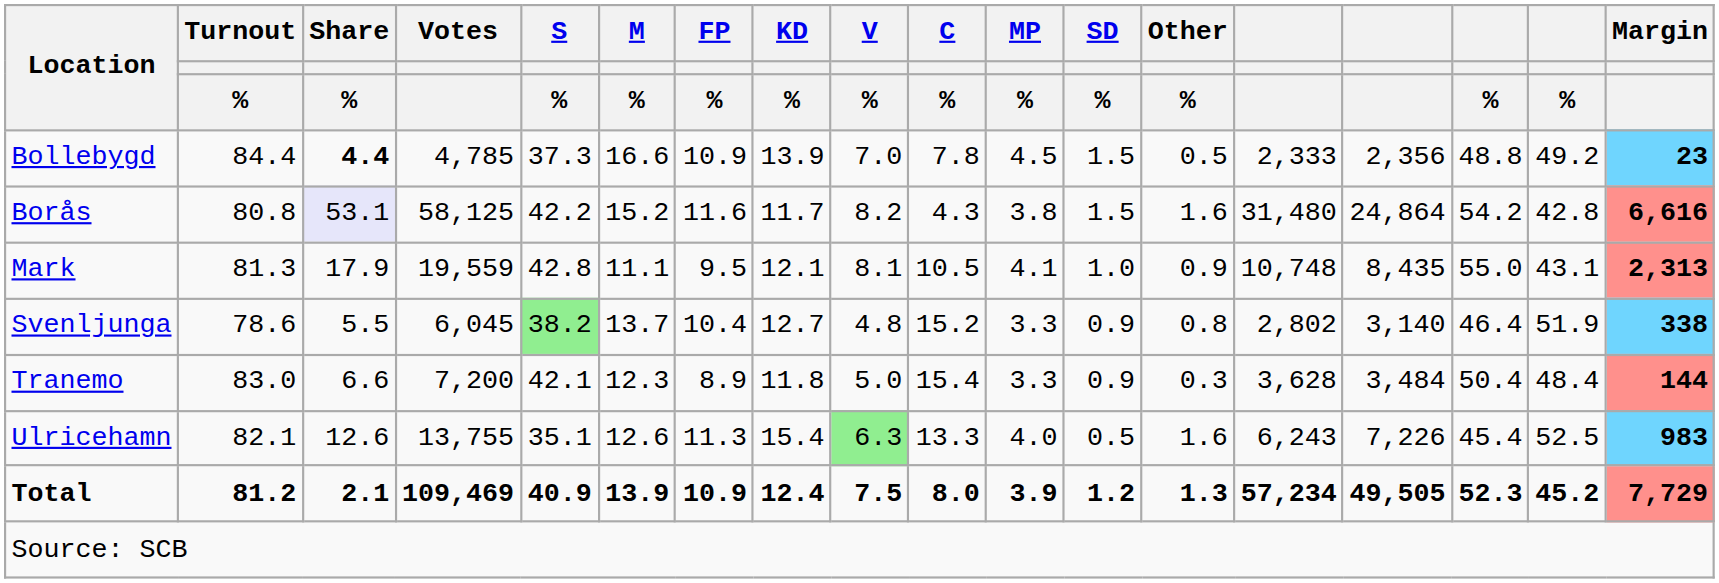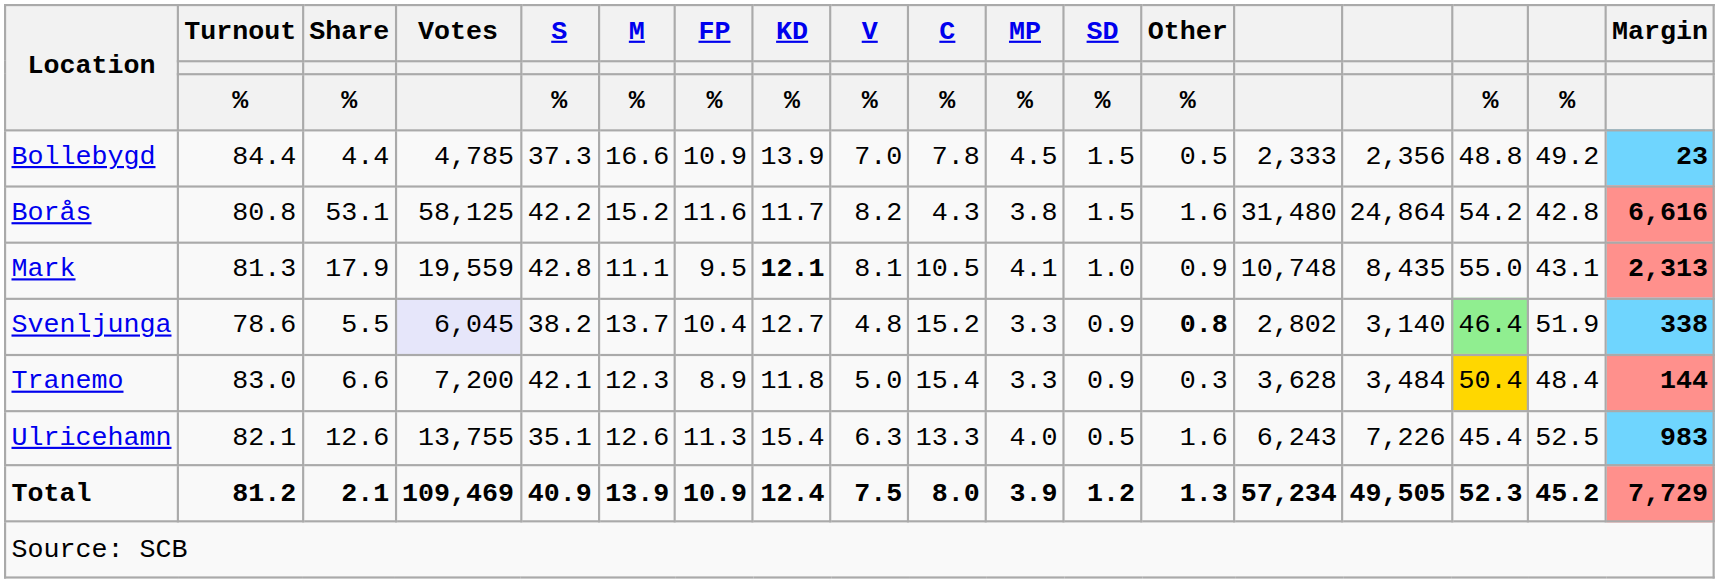 <table class="wikitable sortable" style="text-align:right; font-size:95%; line-height:20px;">
 <tr>
 <th rowspan="3">Location</th>
 <th>Turnout</th>
 <th>Share</th>
 <th>Votes</th>
 <th width="30px" class="unsortable"><a href='#'>S</a></th>
 <th width="30px" class="unsortable"><a href='#'>M</a></th>
 <th width="30px" class="unsortable"><a href='#'>FP</a></th>
 <th width="30px" class="unsortable"><a href='#'>KD</a></th>
 <th width="30px" class="unsortable"><a href='#'>V</a></th>
 <th width="30px" class="unsortable"><a href='#'>C</a></th>
 <th width="30px" class="unsortable"><a href='#'>MP</a></th>
 <th width="30px" class="unsortable"><a href='#'>SD</a></th>
 <th width="30px" class="unsortable">Other</th>
 <th></th>
 <th></th>
 <th></th>
 <th></th>
 <th>Margin</th>
 </tr>
 <tr>
 <th></th>
 <th></th>
 <th></th>
 <th style="background:"></th>
 <th style="background:"></th>
 <th style="background:"></th>
 <th style="background:"></th>
 <th style="background:"></th>
 <th style="background:"></th>
 <th style="background:"></th>
 <th style="background:"></th>
 <th style="background:"></th>
 <th style="background:"></th>
 <th style="background:"></th>
 <th style="background:"></th>
 <th style="background:"></th>
 <th></th>
 </tr>
 <tr>
 <th data-sort-type="number">%</th>
 <th data-sort-type="number">%</th>
 <th></th>
 <th data-sort-type="number">%</th>
 <th data-sort-type="number">%</th>
 <th data-sort-type="number">%</th>
 <th data-sort-type="number">%</th>
 <th data-sort-type="number">%</th>
 <th data-sort-type="number">%</th>
 <th data-sort-type="number">%</th>
 <th data-sort-type="number">%</th>
 <th data-sort-type="number">%</th>
 <th data-sort-type="number"></th>
 <th data-sort-type="number"></th>
 <th data-sort-type="number">%</th>
 <th data-sort-type="number">%</th>
 <th data-sort-type="number"></th>
 </tr>
 <tr>
 <td align=left><a href='#'>Bollebygd</a></td>
 <td>84.4</td>
-<td><strong>4.4</strong></td>
+<td>4.4</td>
 <td>4,785</td>
 <td>37.3</td>
 <td>16.6</td>
 <td>10.9</td>
 <td>13.9</td>
 <td>7.0</td>
 <td>7.8</td>
 <td>4.5</td>
 <td>1.5</td>
 <td>0.5</td>
 <td>2,333</td>
 <td>2,356</td>
 <td>48.8</td>
 <td>49.2</td>
 <td bgcolor=#6fd5fe><strong>23</strong></td>
 </tr>
 <tr>
 <td align=left><a href='#'>Borås</a></td>
 <td>80.8</td>
-<td style="background: lavender;">53.1</td>
+<td>53.1</td>
 <td>58,125</td>
 <td>42.2</td>
 <td>15.2</td>
 <td>11.6</td>
 <td>11.7</td>
 <td>8.2</td>
 <td>4.3</td>
 <td>3.8</td>
 <td>1.5</td>
 <td>1.6</td>
 <td>31,480</td>
 <td>24,864</td>
 <td>54.2</td>
 <td>42.8</td>
 <td bgcolor=#ff908c><strong>6,616</strong></td>
 </tr>
 <tr>
 <td align=left><a href='#'>Mark</a></td>
 <td>81.3</td>
 <td>17.9</td>
 <td>19,559</td>
 <td>42.8</td>
 <td>11.1</td>
 <td>9.5</td>
-<td>12.1</td>
+<td><strong>12.1</strong></td>
 <td>8.1</td>
 <td>10.5</td>
 <td>4.1</td>
 <td>1.0</td>
 <td>0.9</td>
 <td>10,748</td>
 <td>8,435</td>
 <td>55.0</td>
 <td>43.1</td>
 <td bgcolor=#ff908c><strong>2,313</strong></td>
 </tr>
 <tr>
 <td align=left><a href='#'>Svenljunga</a></td>
 <td>78.6</td>
 <td>5.5</td>
-<td>6,045</td>
-<td style="background: lightgreen;">38.2</td>
+<td style="background: lavender;">6,045</td>
+<td>38.2</td>
 <td>13.7</td>
 <td>10.4</td>
 <td>12.7</td>
 <td>4.8</td>
 <td>15.2</td>
 <td>3.3</td>
 <td>0.9</td>
-<td>0.8</td>
+<td><strong>0.8</strong></td>
 <td>2,802</td>
 <td>3,140</td>
-<td>46.4</td>
+<td style="background: lightgreen;">46.4</td>
 <td>51.9</td>
 <td bgcolor=#6fd5fe><strong>338</strong></td>
 </tr>
 <tr>
 <td align=left><a href='#'>Tranemo</a></td>
 <td>83.0</td>
 <td>6.6</td>
 <td>7,200</td>
 <td>42.1</td>
 <td>12.3</td>
 <td>8.9</td>
 <td>11.8</td>
 <td>5.0</td>
 <td>15.4</td>
 <td>3.3</td>
 <td>0.9</td>
 <td>0.3</td>
 <td>3,628</td>
 <td>3,484</td>
-<td>50.4</td>
+<td style="background: gold;">50.4</td>
 <td>48.4</td>
 <td bgcolor=#ff908c><strong>144</strong></td>
 </tr>
 <tr>
 <td align=left><a href='#'>Ulricehamn</a></td>
 <td>82.1</td>
 <td>12.6</td>
 <td>13,755</td>
 <td>35.1</td>
 <td>12.6</td>
 <td>11.3</td>
 <td>15.4</td>
-<td style="background: lightgreen;">6.3</td>
+<td>6.3</td>
 <td>13.3</td>
 <td>4.0</td>
 <td>0.5</td>
 <td>1.6</td>
 <td>6,243</td>
 <td>7,226</td>
 <td>45.4</td>
 <td>52.5</td>
 <td bgcolor=#6fd5fe><strong>983</strong></td>
 </tr>
 <tr>
 <td align=left><strong>Total</strong></td>
 <td><strong>81.2</strong></td>
 <td><strong>2.1</strong></td>
 <td><strong>109,469</strong></td>
 <td><strong>40.9</strong></td>
 <td><strong>13.9</strong></td>
 <td><strong>10.9</strong></td>
 <td><strong>12.4</strong></td>
 <td><strong>7.5</strong></td>
 <td><strong>8.0</strong></td>
 <td><strong>3.9</strong></td>
 <td><strong>1.2</strong></td>
 <td><strong>1.3</strong></td>
 <td><strong>57,234</strong></td>
 <td><strong>49,505</strong></td>
 <td><strong>52.3</strong></td>
 <td><strong>45.2</strong></td>
 <td bgcolor=#ff908c><strong>7,729</strong></td>
 </tr>
 <tr>
 <td align=left colspan=18>Source: SCB </td>
 </tr>
 </table>
